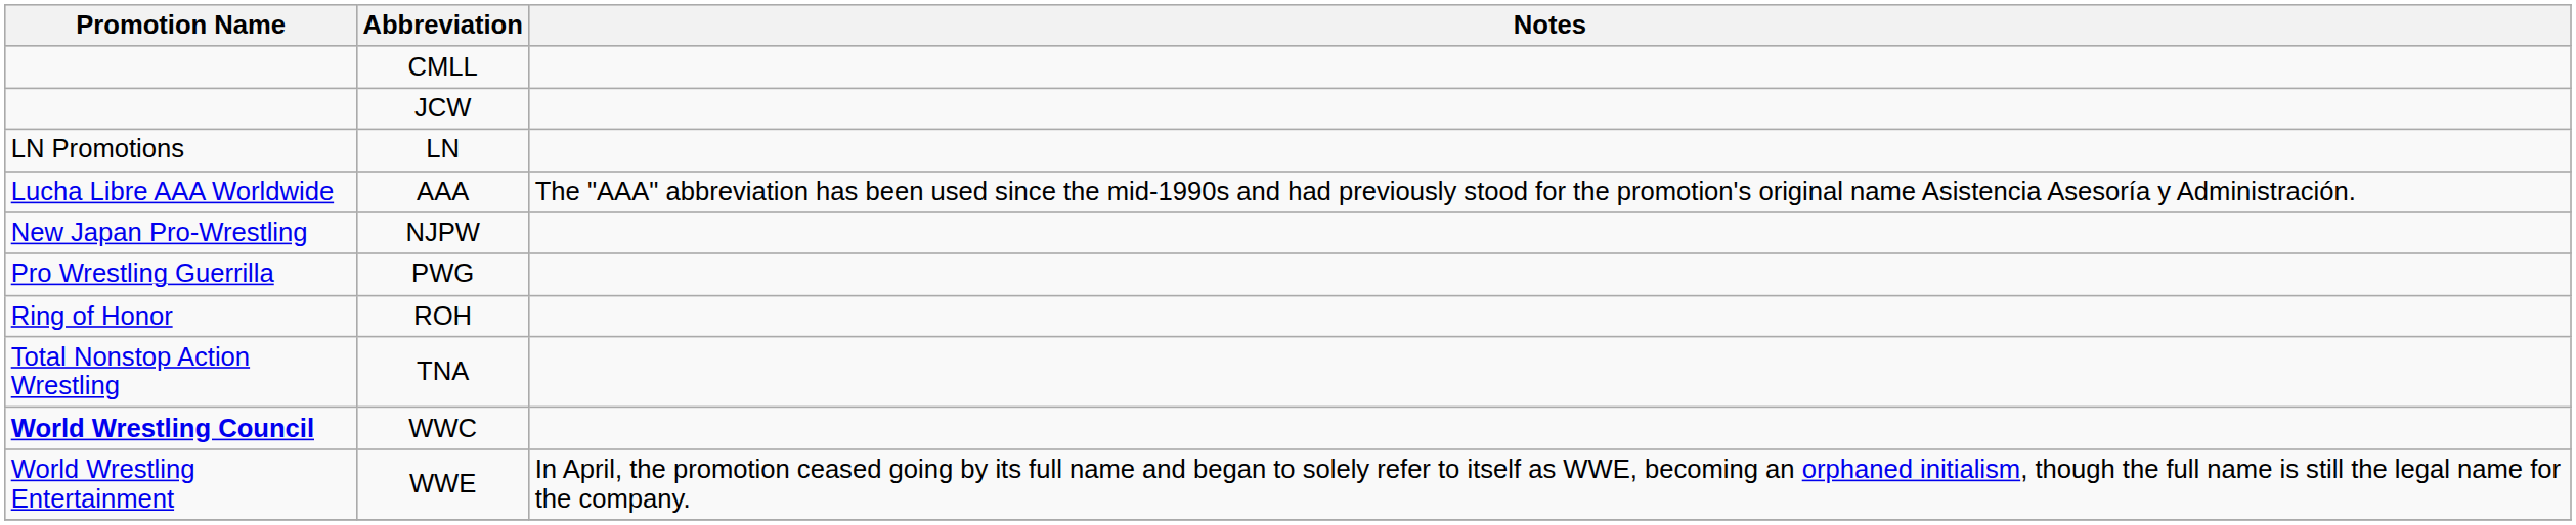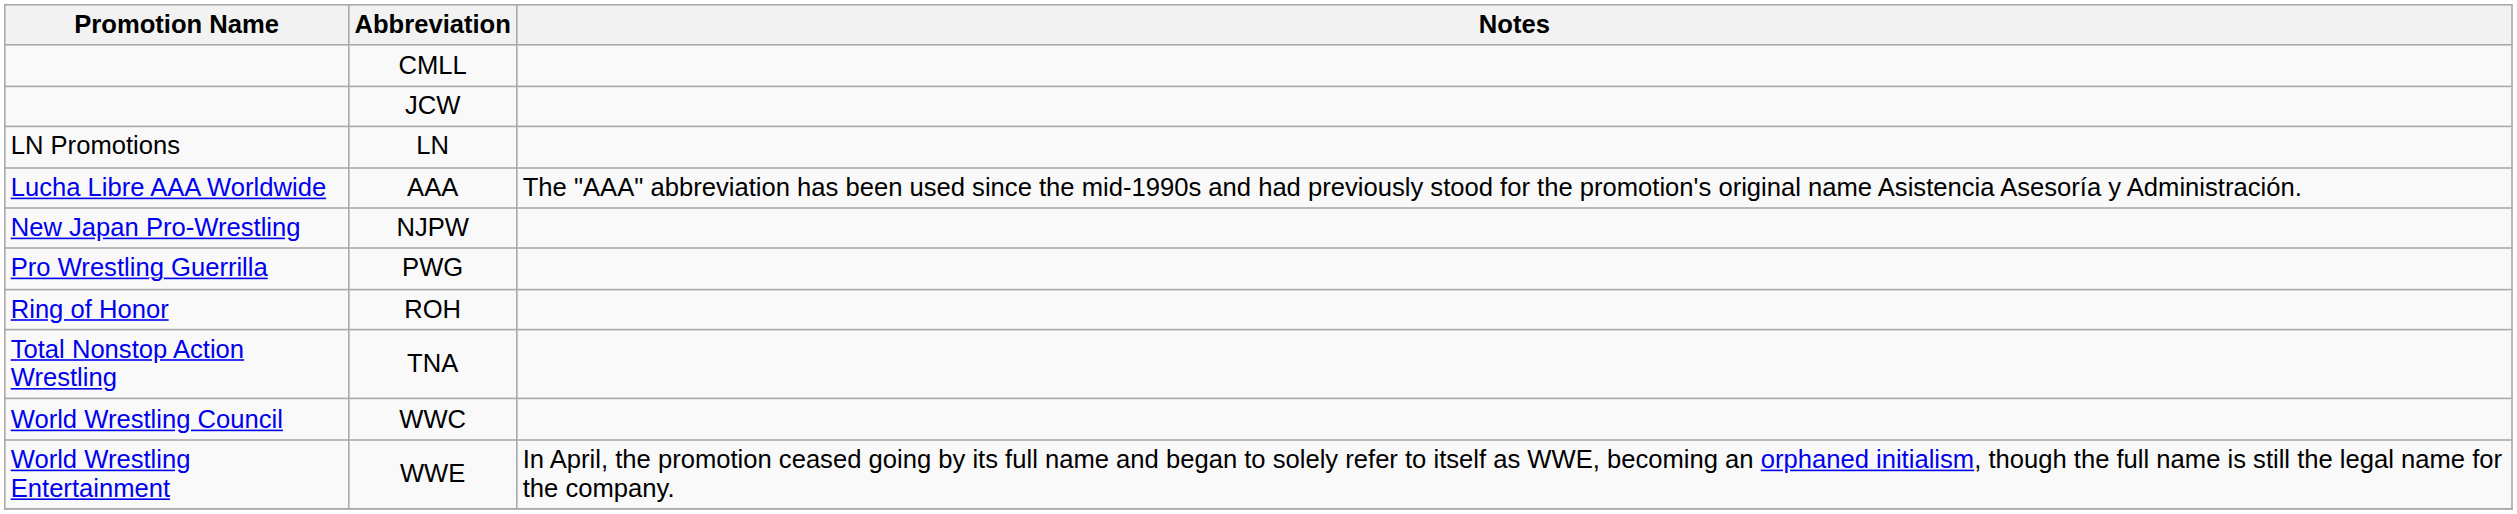 <table class="wikitable">
 <tr>
 <th>Promotion Name</th>
 <th>Abbreviation</th>
 <th>Notes</th>
 </tr>
 <tr>
 <td></td>
 <td align=center>CMLL</td>
 <td></td>
 </tr>
 <tr>
 <td></td>
 <td align=center>JCW</td>
 <td></td>
 </tr>
 <tr>
 <td>LN Promotions</td>
 <td align=center>LN</td>
 <td></td>
 </tr>
 <tr>
 <td><a href='#'>Lucha Libre AAA Worldwide</a></td>
 <td align=center>AAA</td>
 <td>The "AAA" abbreviation has been used since the mid-1990s and had previously stood for the promotion's original name Asistencia Asesoría y Administración.</td>
 </tr>
 <tr>
 <td><a href='#'>New Japan Pro-Wrestling</a></td>
 <td align=center>NJPW</td>
 <td></td>
 </tr>
 <tr>
 <td><a href='#'>Pro Wrestling Guerrilla</a></td>
 <td align=center>PWG</td>
 <td></td>
 </tr>
 <tr>
 <td><a href='#'>Ring of Honor</a></td>
 <td align=center>ROH</td>
 <td></td>
 </tr>
 <tr>
 <td><a href='#'>Total Nonstop Action Wrestling</a></td>
 <td align=center>TNA</td>
 <td></td>
 </tr>
 <tr>
-<td><strong><a href='#'>World Wrestling Council</a></strong></td>
+<td><a href='#'>World Wrestling Council</a></td>
 <td align=center>WWC</td>
 <td></td>
 </tr>
 <tr>
 <td><a href='#'>World Wrestling Entertainment</a></td>
 <td align=center>WWE</td>
 <td>In April, the promotion ceased going by its full name and began to solely refer to itself as WWE, becoming an <a href='#'>orphaned initialism</a>, though the full name is still the legal name for the company.<br></td>
 </tr>
 <tr>
 </tr>
 </table>
